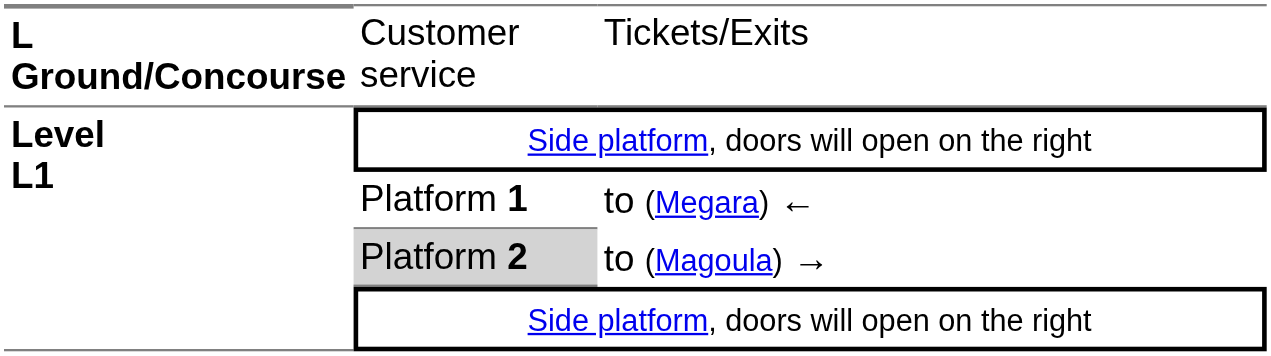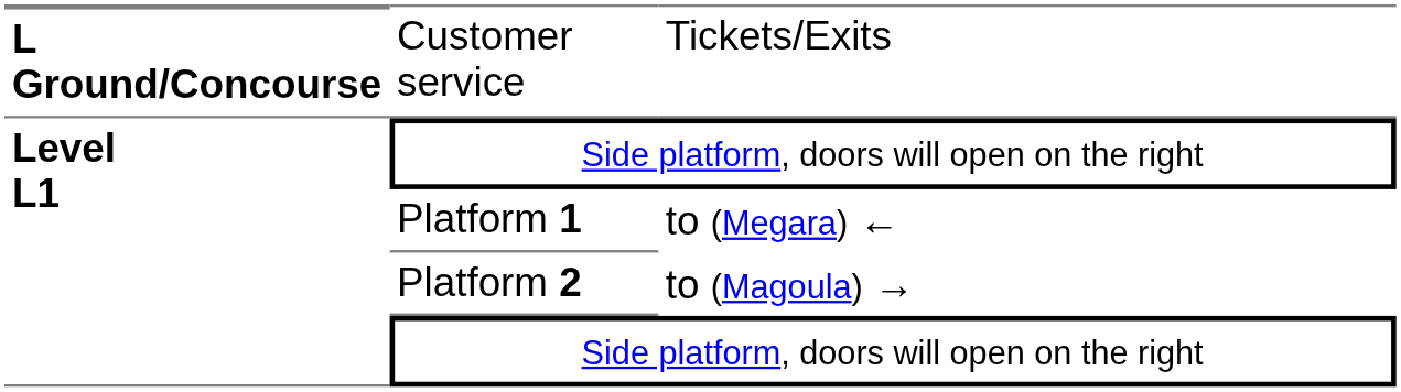 <table table border=0 cellspacing=0 cellpadding=3>
 <tr>
 <td style="border-bottom:solid 1px gray;border-top:solid 2px gray;" width=50 valign=top><strong>L<br>Ground/Concourse</strong></td>
 <td style="border-top:solid 1px gray;border-bottom:solid 1px gray;" width=100 valign=top>Customer service</td>
 <td style="border-top:solid 1px gray;border-bottom:solid 1px gray;" width=285 valign=top>Tickets/Exits</td>
 </tr>
 <tr>
 <td style="border-bottom:solid 1px gray;" rowspan=4 valign=top><strong>Level<br>L1</strong></td>
 <td style="border-top:solid 2px black;border-right:solid 2px black;border-left:solid 2px black;border-bottom:solid 2px black;text-align:center;" colspan=2><small><a href='#'>Side platform</a>, doors will open on the right</small></td>
 </tr>
 <tr>
 <td style="border-bottom:solid 1px gray;">Platform <strong>1</strong></td>
 <td> to  <small>(<a href='#'>Megara</a>)</small> ←</td>
 </tr>
 <tr>
-<td style="background: lightgrey; border-bottom:solid 1px gray;">Platform <strong>2</strong></td>
+<td style="border-bottom:solid 1px gray;">Platform <strong>2</strong></td>
 <td> to  <small>(<a href='#'>Magoula</a>)</small> →</td>
 </tr>
 <tr>
 <td style="border-top:solid 2px black;border-left:solid 2px black;border-right:solid 2px black;border-bottom:solid 2px black;text-align:center;" colspan=2><small><a href='#'>Side platform</a>, doors will open on the right</small></td>
 </tr>
 </table>
